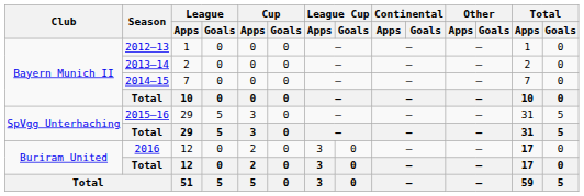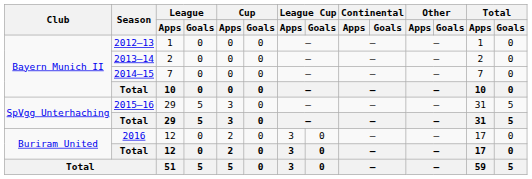 <table class="wikitable" style="text-align:center">
 <tr>
 <th rowspan="2">Club</th>
 <th rowspan="2">Season</th>
 <th colspan="2">League</th>
 <th colspan="2">Cup</th>
 <th colspan="2">League Cup</th>
 <th colspan="2">Continental</th>
 <th colspan="2">Other</th>
 <th colspan="2">Total</th>
 </tr>
 <tr>
 <th>Apps</th>
 <th>Goals</th>
 <th>Apps</th>
 <th>Goals</th>
 <th>Apps</th>
 <th>Goals</th>
 <th>Apps</th>
 <th>Goals</th>
 <th>Apps</th>
 <th>Goals</th>
 <th>Apps</th>
 <th>Goals</th>
 </tr>
 <tr>
 <td rowspan="4"><a href='#'>Bayern Munich II</a></td>
 <td><a href='#'>2012–13</a></td>
 <td>1</td>
 <td>0</td>
 <td>0</td>
 <td>0</td>
 <td colspan="2">—</td>
 <td colspan="2">—</td>
 <td colspan="2">—</td>
 <td>1</td>
 <td>0</td>
 </tr>
 <tr>
 <td><a href='#'>2013–14</a></td>
 <td>2</td>
 <td>0</td>
 <td>0</td>
 <td>0</td>
 <td colspan="2">—</td>
 <td colspan="2">—</td>
 <td colspan="2">—</td>
 <td>2</td>
 <td>0</td>
 </tr>
 <tr>
 <td><a href='#'>2014–15</a></td>
 <td>7</td>
 <td>0</td>
 <td>0</td>
 <td>0</td>
 <td colspan="2">—</td>
 <td colspan="2">—</td>
 <td colspan="2">—</td>
 <td>7</td>
 <td>0</td>
 </tr>
 <tr>
 <th colspan=1>Total</th>
 <th>10</th>
 <th>0</th>
 <th>0</th>
 <th>0</th>
 <th colspan="2">—</th>
 <th colspan="2">—</th>
 <th colspan="2">—</th>
 <th>10</th>
 <th>0</th>
 </tr>
 <tr>
 <td rowspan="2"><a href='#'>SpVgg Unterhaching</a></td>
 <td><a href='#'>2015–16</a></td>
 <td>29</td>
 <td>5</td>
 <td>3</td>
 <td>0</td>
 <td colspan="2">—</td>
 <td colspan="2">—</td>
 <td colspan="2">—</td>
 <td>31</td>
 <td>5</td>
 </tr>
 <tr>
 <th colspan=1>Total</th>
 <th>29</th>
 <th>5</th>
 <th>3</th>
 <th>0</th>
 <th colspan="2">—</th>
 <th colspan="2">—</th>
 <th colspan="2">—</th>
 <th>31</th>
 <th>5</th>
 </tr>
 <tr>
 <td rowspan="2"><a href='#'>Buriram United</a></td>
 <td><a href='#'>2016</a></td>
 <td>12</td>
 <td>0</td>
 <td>2</td>
 <td>0</td>
 <td>3</td>
 <td>0</td>
 <td colspan="2">—</td>
 <td colspan="2">—</td>
-<td><strong>17</strong></td>
+<td>17</td>
 <td>0</td>
 </tr>
 <tr>
 <th colspan=1>Total</th>
 <th>12</th>
 <th>0</th>
 <th>2</th>
 <th>0</th>
 <th>3</th>
 <th>0</th>
 <th colspan="2">—</th>
 <th colspan="2">—</th>
 <th>17</th>
 <th>0</th>
 </tr>
 <tr>
 <th colspan="2">Total</th>
 <th>51</th>
 <th>5</th>
 <th>5</th>
 <th>0</th>
 <th>3</th>
 <th>0</th>
 <th colspan="2">—</th>
 <th colspan="2">—</th>
 <th>59</th>
 <th>5</th>
 </tr>
 </table>
